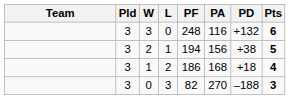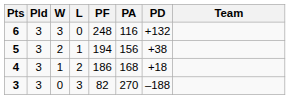 <table class="wikitable" style="text-align:center;">
 <tr>
-<th width=150>Team</th>
+<th width=20>Pts</th>
 <th width=20>Pld</th>
 <th width=20>W</th>
 <th width=20>L</th>
 <th width=30>PF</th>
 <th width=30>PA</th>
 <th width=30>PD</th>
-<th width=20>Pts</th>
+<th width=150>Team</th>
 </tr>
 <tr>
-<td align=left></td>
+<td><strong>6</strong></td>
 <td>3</td>
 <td>3</td>
 <td>0</td>
 <td>248</td>
 <td>116</td>
 <td>+132</td>
-<td><strong>6</strong></td>
+<td align=left></td>
 </tr>
 <tr>
-<td align=left></td>
+<td><strong>5</strong></td>
 <td>3</td>
 <td>2</td>
 <td>1</td>
 <td>194</td>
 <td>156</td>
 <td>+38</td>
-<td><strong>5</strong></td>
+<td align=left></td>
 </tr>
 <tr>
-<td align=left></td>
+<td><strong>4</strong></td>
 <td>3</td>
 <td>1</td>
 <td>2</td>
 <td>186</td>
 <td>168</td>
 <td>+18</td>
-<td><strong>4</strong></td>
+<td align=left></td>
 </tr>
 <tr>
-<td align=left></td>
+<td><strong>3</strong></td>
 <td>3</td>
 <td>0</td>
 <td>3</td>
 <td>82</td>
 <td>270</td>
 <td>–188</td>
-<td><strong>3</strong></td>
+<td align=left></td>
 </tr>
 </table>
